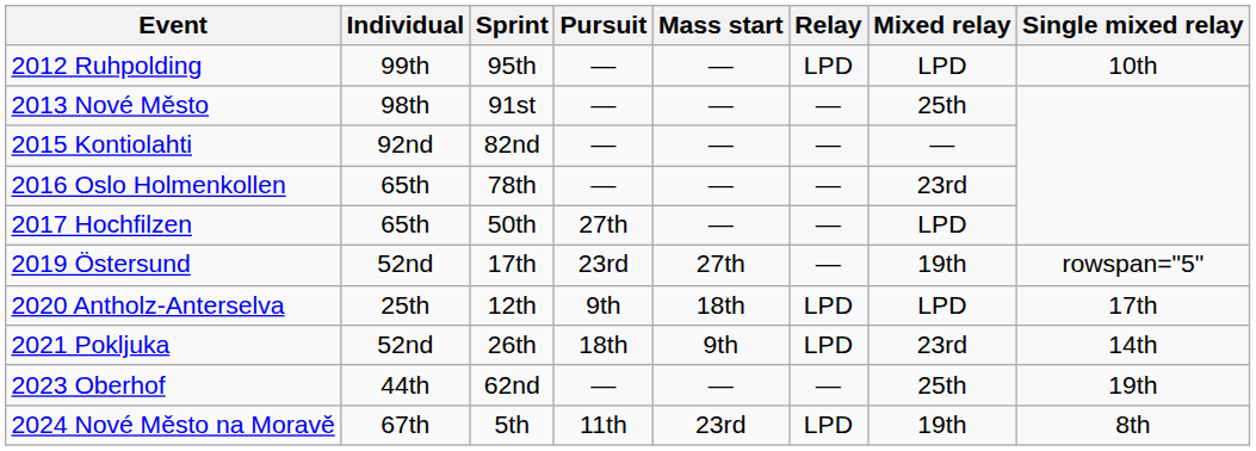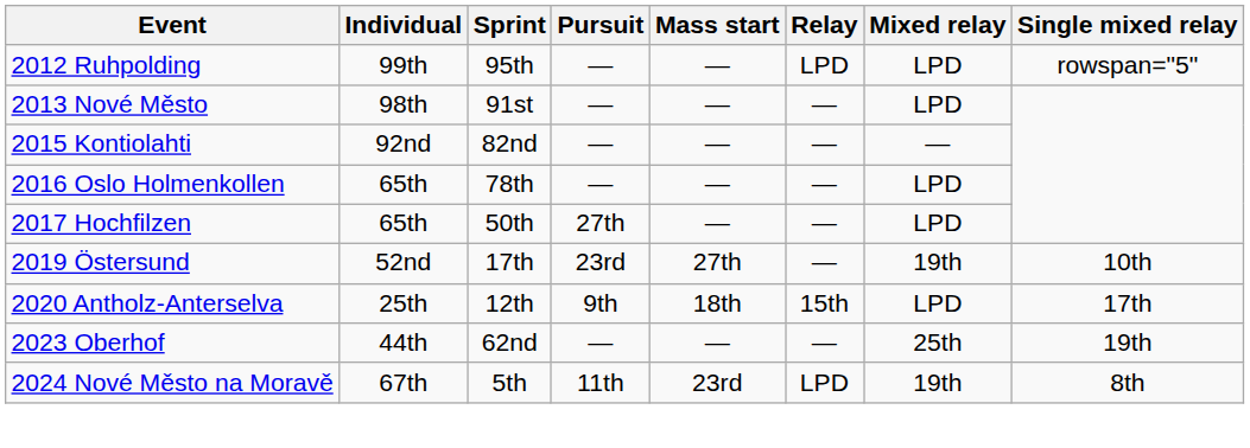 <table class="wikitable" style="text-align: center;">
 <tr>
 <th>Event</th>
 <th>Individual</th>
 <th>Sprint</th>
 <th>Pursuit</th>
 <th>Mass start</th>
 <th>Relay</th>
 <th>Mixed relay</th>
 <th>Single mixed relay</th>
 </tr>
 <tr>
 <td align=left> <a href='#'>2012 Ruhpolding</a></td>
 <td>99th</td>
 <td>95th</td>
 <td>—</td>
 <td>—</td>
 <td>LPD</td>
 <td>LPD</td>
-<td>10th</td>
+<td>rowspan="5" </td>
 </tr>
 <tr>
 <td align=left> <a href='#'>2013 Nové Město</a></td>
 <td>98th</td>
 <td>91st</td>
 <td>—</td>
 <td>—</td>
 <td>—</td>
-<td>25th</td>
+<td>LPD</td>
 </tr>
 <tr>
 <td align=left> <a href='#'>2015 Kontiolahti</a></td>
 <td>92nd</td>
 <td>82nd</td>
 <td>—</td>
 <td>—</td>
 <td>—</td>
 <td>—</td>
 </tr>
 <tr>
 <td align=left> <a href='#'>2016 Oslo Holmenkollen</a></td>
 <td>65th</td>
 <td>78th</td>
 <td>—</td>
 <td>—</td>
 <td>—</td>
-<td>23rd</td>
+<td>LPD</td>
 </tr>
 <tr>
 <td align=left> <a href='#'>2017 Hochfilzen</a></td>
 <td>65th</td>
 <td>50th</td>
 <td>27th</td>
 <td>—</td>
 <td>—</td>
 <td>LPD</td>
 </tr>
 <tr>
 <td align=left> <a href='#'>2019 Östersund</a></td>
 <td>52nd</td>
 <td>17th</td>
 <td>23rd</td>
 <td>27th</td>
 <td>—</td>
 <td>19th</td>
-<td>rowspan="5" </td>
+<td>10th</td>
 </tr>
 <tr>
 <td align=left> <a href='#'>2020 Antholz-Anterselva</a></td>
 <td>25th</td>
 <td>12th</td>
 <td>9th</td>
 <td>18th</td>
-<td>LPD</td>
+<td>15th</td>
 <td>LPD</td>
 <td>17th</td>
-</tr>
-<tr>
-<td align=left> <a href='#'>2021 Pokljuka</a></td>
-<td>52nd</td>
-<td>26th</td>
-<td>18th</td>
-<td>9th</td>
-<td>LPD</td>
-<td>23rd</td>
-<td>14th</td>
 </tr>
 <tr>
 <td align=left> <a href='#'>2023 Oberhof</a></td>
 <td>44th</td>
 <td>62nd</td>
 <td>—</td>
 <td>—</td>
 <td>—</td>
 <td>25th</td>
 <td>19th</td>
 </tr>
 <tr>
 <td align=left> <a href='#'>2024 Nové Město na Moravě</a></td>
 <td>67th</td>
 <td>5th</td>
 <td>11th</td>
 <td>23rd</td>
 <td>LPD</td>
 <td>19th</td>
 <td>8th</td>
 </tr>
 </table>
